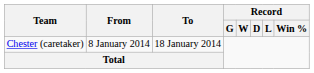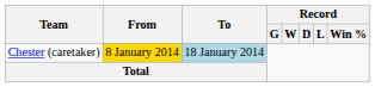 <table class="wikitable" style="text-align: center">
 <tr>
 <th rowspan=2>Team</th>
 <th rowspan=2>From</th>
 <th rowspan=2>To</th>
 <th colspan=5>Record</th>
 </tr>
 <tr>
 <th>G</th>
 <th>W</th>
 <th>D</th>
 <th>L</th>
 <th>Win %</th>
 </tr>
 <tr>
 <td align=left><a href='#'>Chester</a> (caretaker)</td>
-<td align=left>8 January 2014</td>
-<td align=left>18 January 2014<br></td>
+<td align=left style="background: gold;">8 January 2014</td>
+<td align=left style="background: lightblue;">18 January 2014<br></td>
 </tr>
 <tr>
 <th colspan=3>Total<br></th>
 </tr>
 </table>
